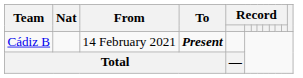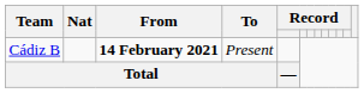 <table class="wikitable" style="text-align: center">
 <tr>
 <th rowspan="2">Team</th>
 <th rowspan="2">Nat</th>
 <th rowspan="2">From</th>
 <th rowspan="2">To</th>
 <th colspan="8">Record</th>
 <th rowspan=2></th>
 </tr>
 <tr>
 <th></th>
 <th></th>
 <th></th>
 <th></th>
 <th></th>
 <th></th>
 <th></th>
 <th></th>
 </tr>
 <tr>
 <td align=left><a href='#'>Cádiz B</a></td>
 <td></td>
-<td align=left>14 February 2021</td>
-<td align=left><strong><em>Present</em><br></strong></td>
+<td align=left><strong>14 February 2021</strong></td>
+<td align=left><em>Present</em><br></td>
 <td></td>
 </tr>
 <tr>
 <th colspan="4">Total<br></th>
 <th>—</th>
 </tr>
 </table>
